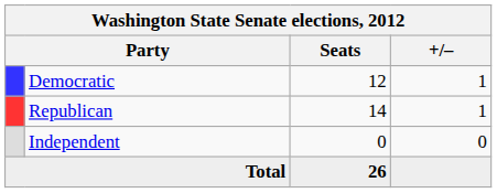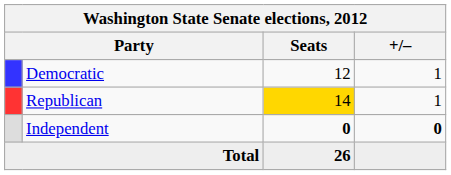 <table class="wikitable" style="font-size:95%;">
 <tr>
 <th colspan="6">Washington State Senate elections, 2012</th>
 </tr>
 <tr>
 <th colspan=2 style="width: 15em">Party</th>
 <th style="width: 5em">Seats</th>
 <th style="width: 5em">+/–</th>
 </tr>
 <tr>
 <th style="background:#33f; width:3px;"></th>
 <td style="width: 130px"><a href='#'>Democratic</a></td>
 <td style="text-align:right;">12</td>
 <td style="text-align:right;"> 1</td>
 </tr>
 <tr>
 <th style="background:#f33; width:3px;"></th>
 <td style="width: 130px"><a href='#'>Republican</a></td>
-<td style="text-align:right;">14</td>
+<td style="background: gold; text-align:right;">14</td>
 <td style="text-align:right;"> 1</td>
 </tr>
 <tr>
 <th style="background:#ddd; width:3px;"></th>
 <td style="width: 130px"><a href='#'>Independent</a></td>
-<td style="text-align:right;">0</td>
-<td style="text-align:right;">0</td>
+<td style="text-align:right;"><strong>0</strong></td>
+<td style="text-align:right;"><strong>0</strong></td>
 </tr>
 <tr style="background:#eee; text-align:right;">
 <td colspan="2"><strong>Total</strong></td>
 <td><strong>26</strong></td>
 <td></td>
 </tr>
 </table>
